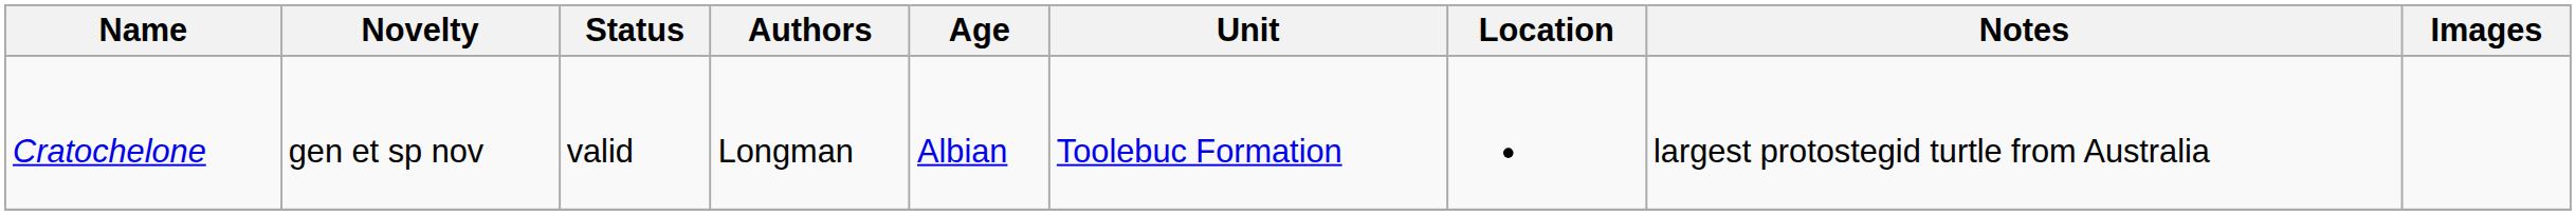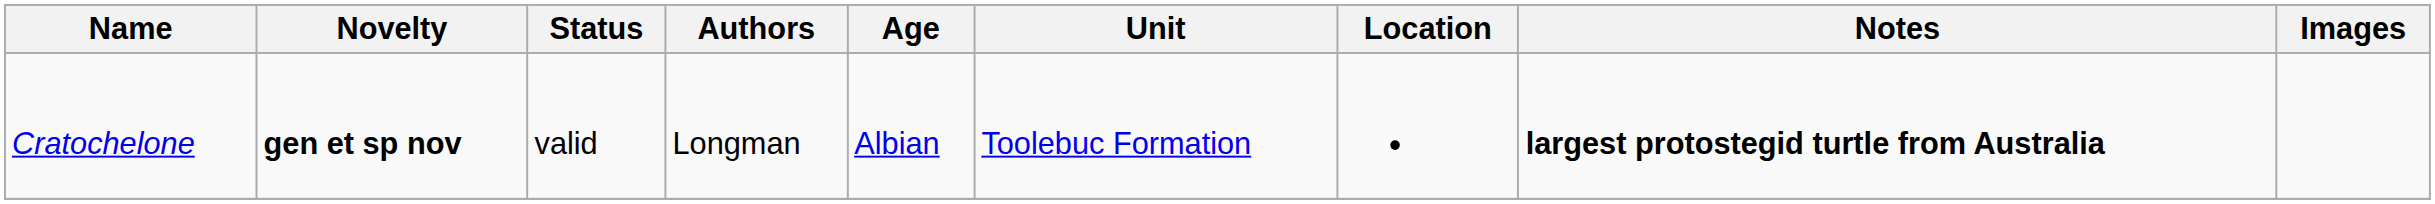 <table class="wikitable sortable" align="center" width="100%">
 <tr>
 <th>Name</th>
 <th>Novelty</th>
 <th>Status</th>
 <th>Authors</th>
 <th>Age</th>
 <th>Unit</th>
 <th>Location</th>
 <th>Notes</th>
 <th>Images</th>
 </tr>
 <tr>
 <td><br><em><a href='#'>Cratochelone</a></em></td>
-<td><br>gen et sp nov</td>
+<td><strong><br>gen et sp nov</strong></td>
 <td><br>valid</td>
 <td><br>Longman</td>
 <td><br><a href='#'>Albian</a></td>
 <td><br><a href='#'>Toolebuc Formation</a></td>
 <td><br><ul><li></li></ul></td>
-<td><br>largest protostegid turtle from Australia</td>
+<td><strong><br>largest protostegid turtle from Australia</strong></td>
 <td></td>
 </tr>
 <tr>
 </tr>
 </table>
